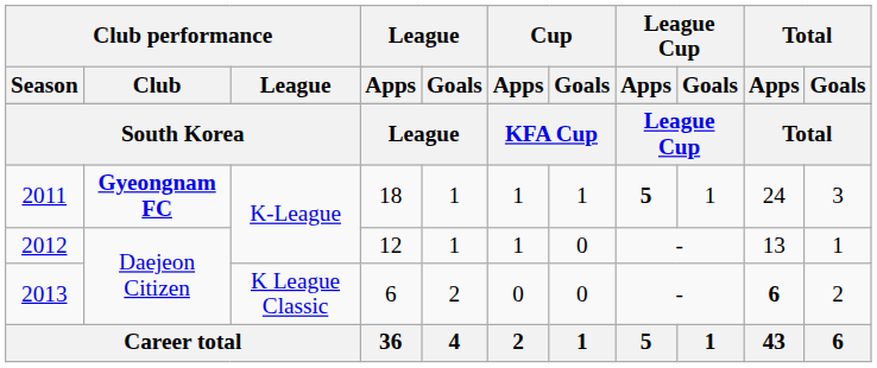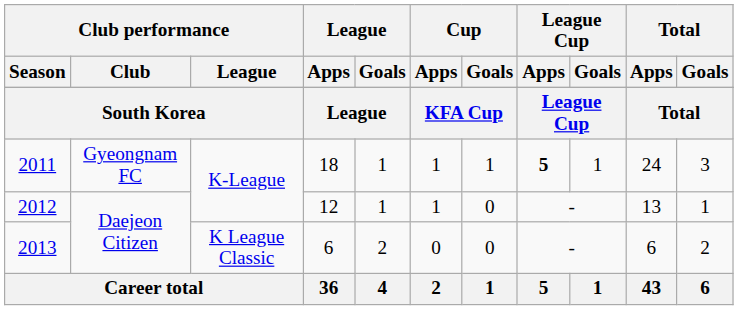 <table class="wikitable" style="text-align:center">
 <tr>
 <th colspan=3>Club performance</th>
 <th colspan=2>League</th>
 <th colspan=2>Cup</th>
 <th colspan=2>League Cup</th>
 <th colspan=2>Total</th>
 </tr>
 <tr>
 <th>Season</th>
 <th>Club</th>
 <th>League</th>
 <th>Apps</th>
 <th>Goals</th>
 <th>Apps</th>
 <th>Goals</th>
 <th>Apps</th>
 <th>Goals</th>
 <th>Apps</th>
 <th>Goals</th>
 </tr>
 <tr>
 </tr>
 <tr>
 <th colspan=3>South Korea</th>
 <th colspan=2>League</th>
 <th colspan=2><a href='#'>KFA Cup</a></th>
 <th colspan=2><a href='#'>League Cup</a></th>
 <th colspan=2>Total</th>
 </tr>
 <tr>
 <td><a href='#'>2011</a></td>
-<td rowspan="1"><strong><a href='#'>Gyeongnam FC</a></strong></td>
+<td rowspan="1"><a href='#'>Gyeongnam FC</a></td>
 <td rowspan="2"><a href='#'>K-League</a></td>
 <td>18</td>
 <td>1</td>
 <td>1</td>
 <td>1</td>
 <td><strong>5</strong></td>
 <td>1</td>
 <td>24</td>
 <td>3</td>
 </tr>
 <tr>
 <td><a href='#'>2012</a></td>
 <td rowspan="2"><a href='#'>Daejeon Citizen</a></td>
 <td>12</td>
 <td>1</td>
 <td>1</td>
 <td>0</td>
 <td colspan="2">-</td>
 <td>13</td>
 <td>1</td>
 </tr>
 <tr>
 <td><a href='#'>2013</a></td>
 <td rowspan="1"><a href='#'>K League Classic</a></td>
 <td>6</td>
 <td>2</td>
 <td>0</td>
 <td>0</td>
 <td colspan="2">-</td>
-<td><strong>6</strong></td>
+<td>6</td>
 <td>2</td>
 </tr>
 <tr>
 <th colspan=3>Career total</th>
 <th>36</th>
 <th>4</th>
 <th>2</th>
 <th>1</th>
 <th>5</th>
 <th>1</th>
 <th>43</th>
 <th>6</th>
 </tr>
 </table>
